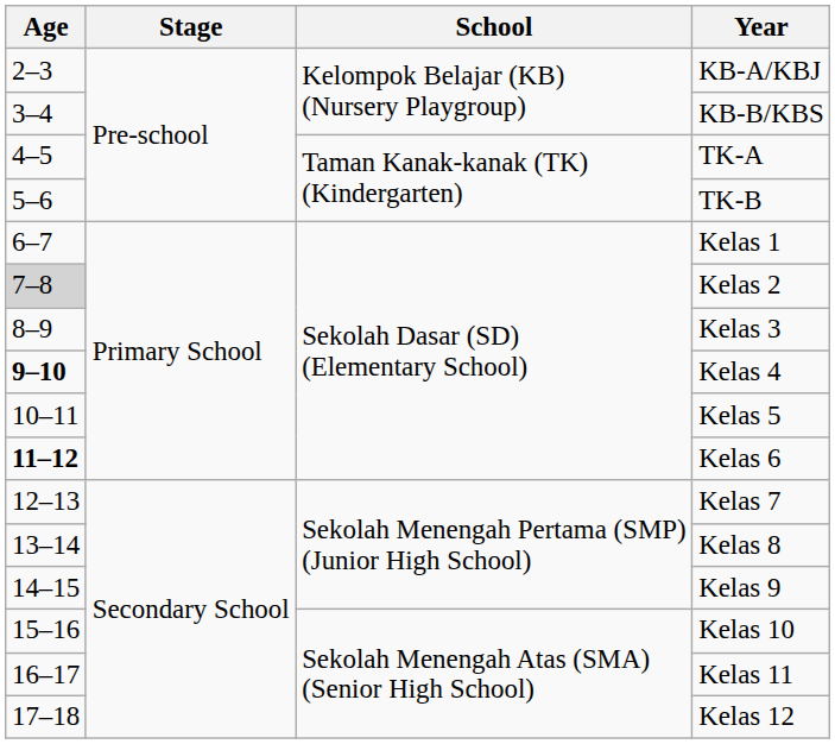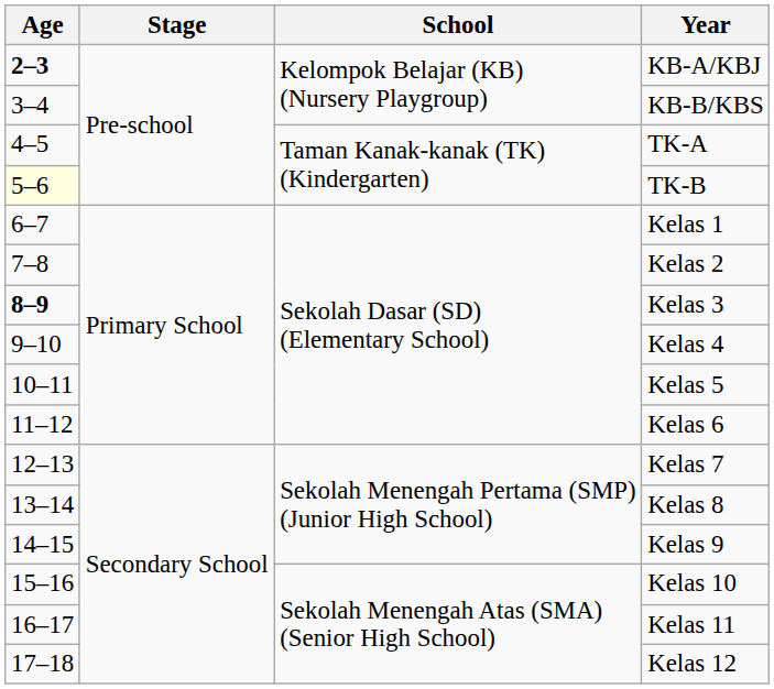 <table class="wikitable">
 <tr>
 <th>Age</th>
 <th>Stage</th>
 <th>School</th>
 <th>Year</th>
 </tr>
 <tr>
-<td>2–3</td>
+<td><strong>2–3</strong></td>
 <td rowspan="4">Pre-school</td>
 <td rowspan="2">Kelompok Belajar (KB)<br>(Nursery Playgroup)</td>
 <td>KB-A/KBJ</td>
 </tr>
 <tr>
 <td>3–4</td>
 <td>KB-B/KBS</td>
 </tr>
 <tr>
 <td>4–5</td>
 <td rowspan="2">Taman Kanak-kanak (TK)<br>(Kindergarten)</td>
 <td>TK-A</td>
 </tr>
 <tr>
-<td>5–6</td>
+<td style="background: lightyellow;">5–6</td>
 <td>TK-B</td>
 </tr>
 <tr>
 <td>6–7</td>
 <td rowspan="6">Primary School</td>
 <td rowspan="6">Sekolah Dasar (SD)<br>(Elementary School)</td>
 <td>Kelas 1</td>
 </tr>
 <tr>
-<td style="background: lightgrey;">7–8</td>
+<td>7–8</td>
 <td>Kelas 2</td>
 </tr>
 <tr>
-<td>8–9</td>
+<td><strong>8–9</strong></td>
 <td>Kelas 3</td>
 </tr>
 <tr>
-<td><strong>9–10</strong></td>
+<td>9–10</td>
 <td>Kelas 4</td>
 </tr>
 <tr>
 <td>10–11</td>
 <td>Kelas 5</td>
 </tr>
 <tr>
-<td><strong>11–12</strong></td>
+<td>11–12</td>
 <td>Kelas 6</td>
 </tr>
 <tr>
 <td>12–13</td>
 <td rowspan="6">Secondary School</td>
 <td rowspan="3">Sekolah Menengah Pertama (SMP)<br>(Junior High School)</td>
 <td>Kelas 7</td>
 </tr>
 <tr>
 <td>13–14</td>
 <td>Kelas 8</td>
 </tr>
 <tr>
 <td>14–15</td>
 <td>Kelas 9</td>
 </tr>
 <tr>
 <td>15–16</td>
 <td rowspan="3">Sekolah Menengah Atas (SMA)<br>(Senior High School)</td>
 <td>Kelas 10</td>
 </tr>
 <tr>
 <td>16–17</td>
 <td>Kelas 11</td>
 </tr>
 <tr>
 <td>17–18</td>
 <td>Kelas 12</td>
 </tr>
 </table>
